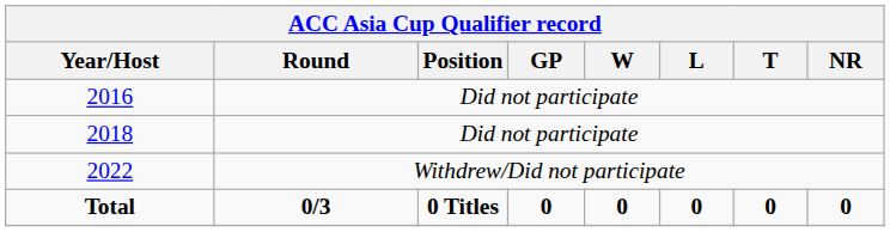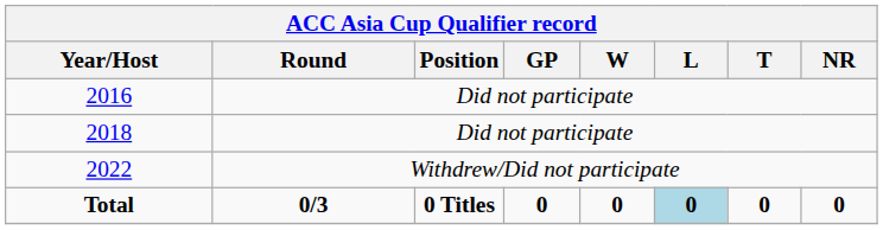 <table class="wikitable" style="text-align: center;">
 <tr>
 <th colspan=8><a href='#'>ACC Asia Cup Qualifier record</a></th>
 </tr>
 <tr>
 <th width=150>Year/Host</th>
 <th width=150>Round</th>
 <th width=50>Position</th>
 <th width=50>GP</th>
 <th width=50>W</th>
 <th width=50>L</th>
 <th width=50>T</th>
 <th width=50>NR</th>
 </tr>
 <tr>
 <td> <a href='#'>2016</a></td>
 <td colspan="7" rowspan="1"><em>Did not participate</em></td>
 </tr>
 <tr>
 <td> <a href='#'>2018</a></td>
 <td colspan="7" rowspan="1"><em>Did not participate</em></td>
 </tr>
 <tr>
 <td> <a href='#'>2022</a></td>
 <td colspan="7" rowspan="1"><em>Withdrew/Did not participate</em></td>
 </tr>
 <tr>
 <td><strong>Total</strong></td>
 <td><strong>0/3</strong></td>
 <td><strong>0 Titles</strong></td>
 <td><strong>0</strong></td>
 <td><strong>0</strong></td>
-<td><strong>0</strong></td>
+<td style="background: lightblue;"><strong>0</strong></td>
 <td><strong>0</strong></td>
 <td><strong>0</strong></td>
 </tr>
 <tr>
 </tr>
 </table>
